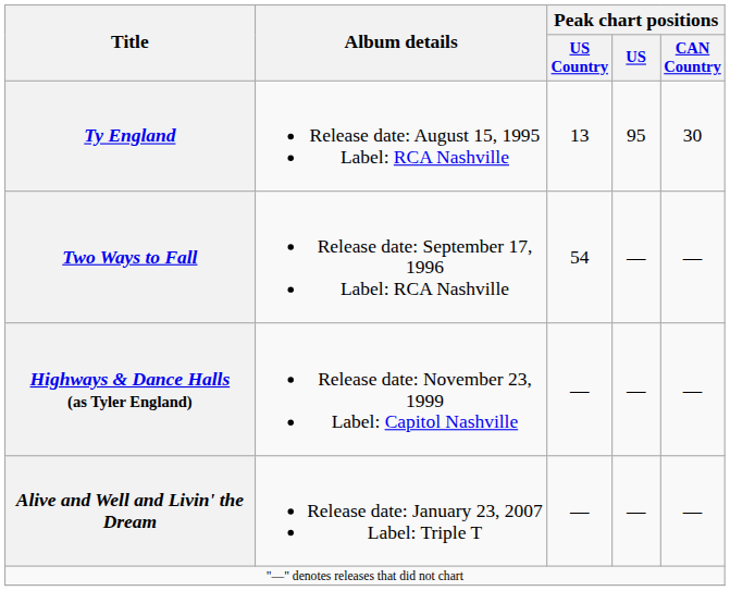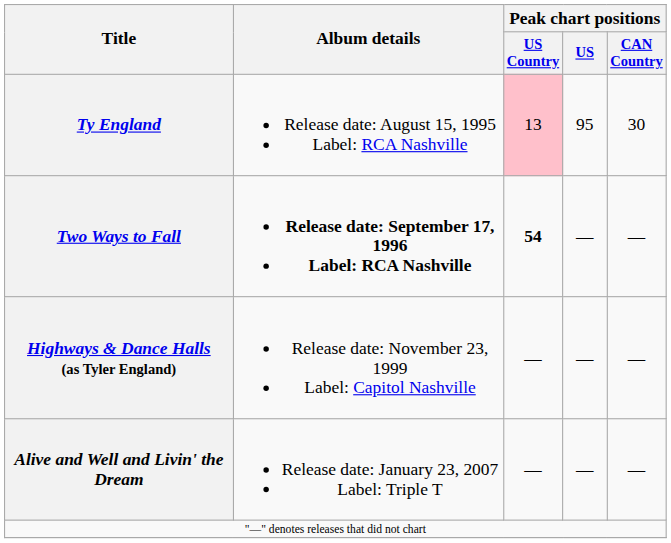 <table class="wikitable plainrowheaders" style="text-align:center;">
 <tr>
 <th rowspan="2" style="width:18em;">Title</th>
 <th rowspan="2" style="width:20em;">Album details</th>
 <th colspan="3">Peak chart positions</th>
 </tr>
 <tr style="font-size:smaller;">
 <th width="45"><a href='#'>US Country</a></th>
 <th width="45"><a href='#'>US</a></th>
 <th width="45"><a href='#'>CAN Country</a></th>
 </tr>
 <tr>
 <th scope="row"><em><a href='#'>Ty England</a></em></th>
 <td><br><ul><li>Release date: August 15, 1995</li><li>Label: <a href='#'>RCA Nashville</a></li></ul></td>
-<td>13</td>
+<td style="background: pink;">13</td>
 <td>95</td>
 <td>30</td>
 </tr>
 <tr>
 <th scope="row"><em><a href='#'>Two Ways to Fall</a></em></th>
-<td><br><ul><li>Release date: September 17, 1996</li><li>Label: RCA Nashville</li></ul></td>
-<td>54</td>
+<td><strong><br><ul><li>Release date: September 17, 1996</li><li>Label: RCA Nashville</li></ul></strong></td>
+<td><strong>54</strong></td>
 <td>—</td>
 <td>—</td>
 </tr>
 <tr>
 <th scope="row"><em><a href='#'>Highways & Dance Halls</a></em><br><small>(as Tyler England)</small></th>
 <td><br><ul><li>Release date: November 23, 1999</li><li>Label: <a href='#'>Capitol Nashville</a></li></ul></td>
 <td>—</td>
 <td>—</td>
 <td>—</td>
 </tr>
 <tr>
 <th scope="row"><em>Alive and Well and Livin' the Dream</em></th>
 <td><br><ul><li>Release date: January 23, 2007</li><li>Label: Triple T</li></ul></td>
 <td>—</td>
 <td>—</td>
 <td>—</td>
 </tr>
 <tr>
 <td colspan="6" style="font-size:8pt">"—" denotes releases that did not chart</td>
 </tr>
 <tr>
 </tr>
 </table>
